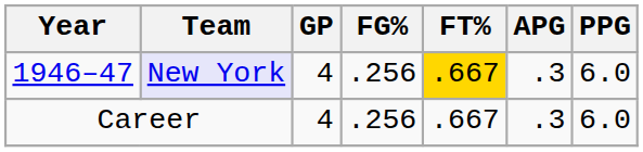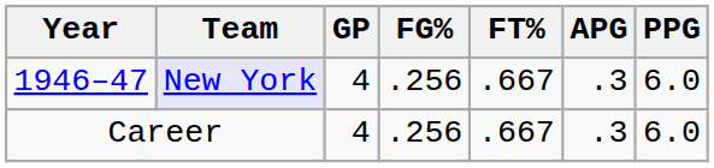 <table class="wikitable sortable" style="font-size:95%; text-align:right;">
 <tr>
 <th>Year</th>
 <th>Team</th>
 <th>GP</th>
 <th>FG%</th>
 <th>FT%</th>
 <th>APG</th>
 <th>PPG</th>
 </tr>
 <tr>
 <td style="text-align:left;"><a href='#'>1946–47</a></td>
 <td style="background: lavender; text-align:left;"><a href='#'>New York</a></td>
 <td>4</td>
 <td>.256</td>
-<td style="background: gold;">.667</td>
+<td>.667</td>
 <td>.3</td>
 <td>6.0</td>
 </tr>
 <tr>
 <td style="text-align:center;" colspan="2">Career</td>
 <td>4</td>
 <td>.256</td>
 <td>.667</td>
 <td>.3</td>
 <td>6.0</td>
 </tr>
 <tr>
 </tr>
 </table>
